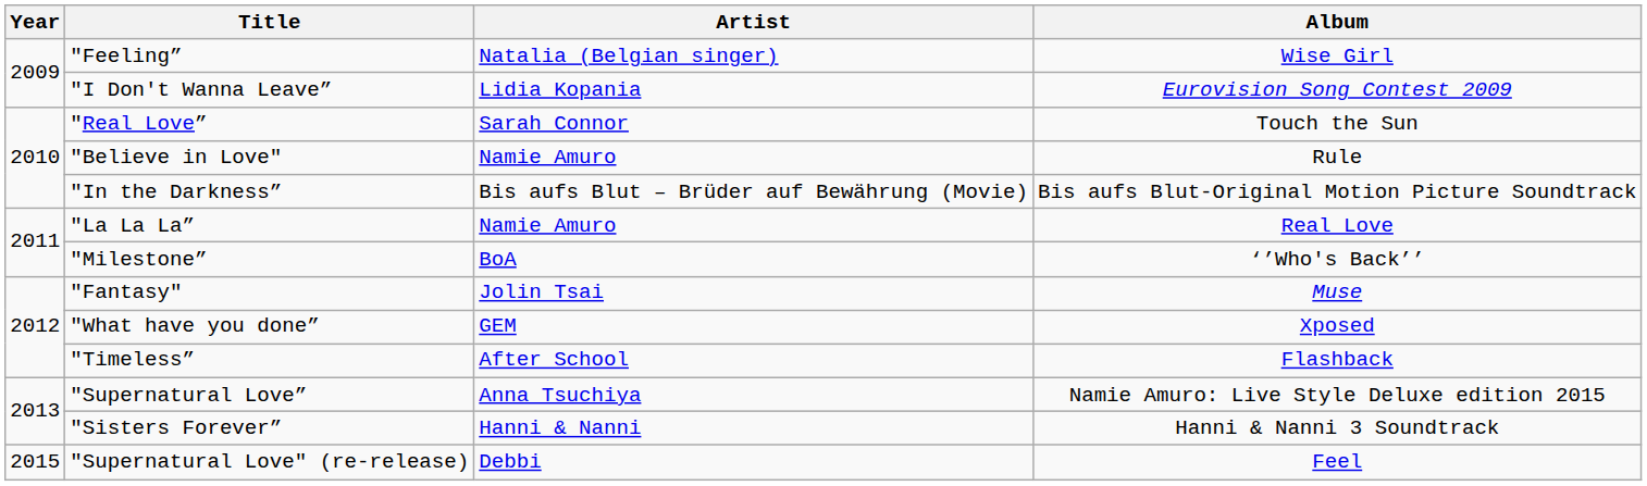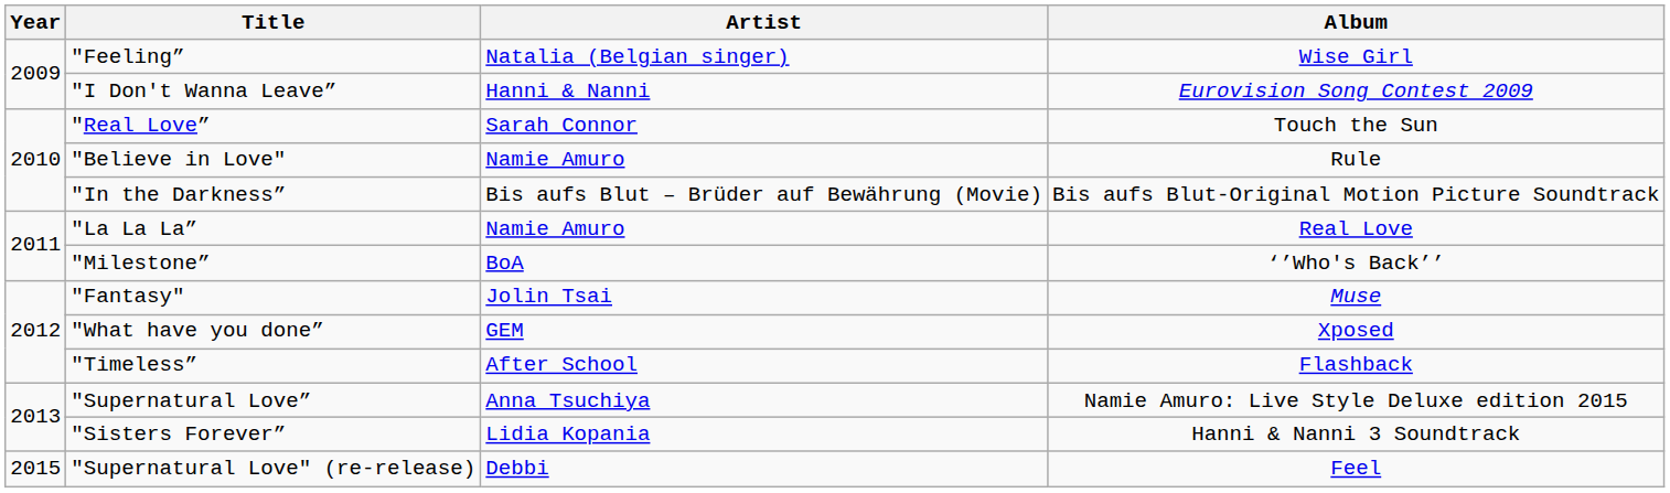 <table class="wikitable">
 <tr>
 <th>Year</th>
 <th>Title</th>
 <th>Artist</th>
 <th>Album</th>
 </tr>
 <tr>
 <td rowspan ="2">2009</td>
 <td>"Feeling”</td>
 <td><a href='#'>Natalia (Belgian singer)</a></td>
 <td style="text-align:center;"><a href='#'>Wise Girl</a></td>
 </tr>
 <tr>
 <td>"I Don't Wanna Leave”</td>
-<td><a href='#'>Lidia Kopania</a></td>
+<td><a href='#'>Hanni & Nanni</a></td>
 <td style="text-align:center;"><em><a href='#'>Eurovision Song Contest 2009</a></em></td>
 </tr>
 <tr>
 <td rowspan ="3">2010</td>
 <td>"<a href='#'>Real Love</a>”</td>
 <td><a href='#'>Sarah Connor</a></td>
 <td style="text-align:center;">Touch the Sun</td>
 </tr>
 <tr>
 <td>"Believe in Love"</td>
 <td><a href='#'>Namie Amuro</a></td>
 <td style="text-align:center;">Rule</td>
 </tr>
 <tr>
 <td>"In the Darkness”</td>
 <td>Bis aufs Blut – Brüder auf Bewährung (Movie)</td>
 <td style="text-align:center;">Bis aufs Blut-Original Motion Picture Soundtrack</td>
 </tr>
 <tr>
 <td rowspan ="2">2011</td>
 <td>"La La La”</td>
 <td><a href='#'>Namie Amuro</a></td>
 <td style="text-align:center;"><a href='#'>Real Love</a></td>
 </tr>
 <tr>
 <td>"Milestone”</td>
 <td><a href='#'>BoA</a></td>
 <td style="text-align:center;">‘’Who's Back’’</td>
 </tr>
 <tr>
 <td rowspan ="3">2012</td>
 <td>"Fantasy"</td>
 <td><a href='#'>Jolin Tsai</a></td>
 <td style="text-align:center;"><em><a href='#'>Muse</a></em></td>
 </tr>
 <tr>
 <td>"What have you done”</td>
 <td><a href='#'>GEM</a></td>
 <td style="text-align:center;"><a href='#'>Xposed</a></td>
 </tr>
 <tr>
 <td>"Timeless”</td>
 <td><a href='#'>After School</a></td>
 <td style="text-align:center;"><a href='#'>Flashback</a></td>
 </tr>
 <tr>
 <td rowspan ="2">2013</td>
 <td>"Supernatural Love”</td>
 <td><a href='#'>Anna Tsuchiya</a></td>
 <td style="text-align:center;">Namie Amuro: Live Style Deluxe edition 2015</td>
 </tr>
 <tr>
 <td>"Sisters Forever”</td>
-<td><a href='#'>Hanni & Nanni</a></td>
+<td><a href='#'>Lidia Kopania</a></td>
 <td style="text-align:center;">Hanni & Nanni 3 Soundtrack</td>
 </tr>
 <tr>
 <td rowspan="1”">2015</td>
 <td>"Supernatural Love" (re-release)</td>
 <td><a href='#'>Debbi</a></td>
 <td style="text-align:center;"><a href='#'>Feel</a></td>
 </tr>
 </table>
